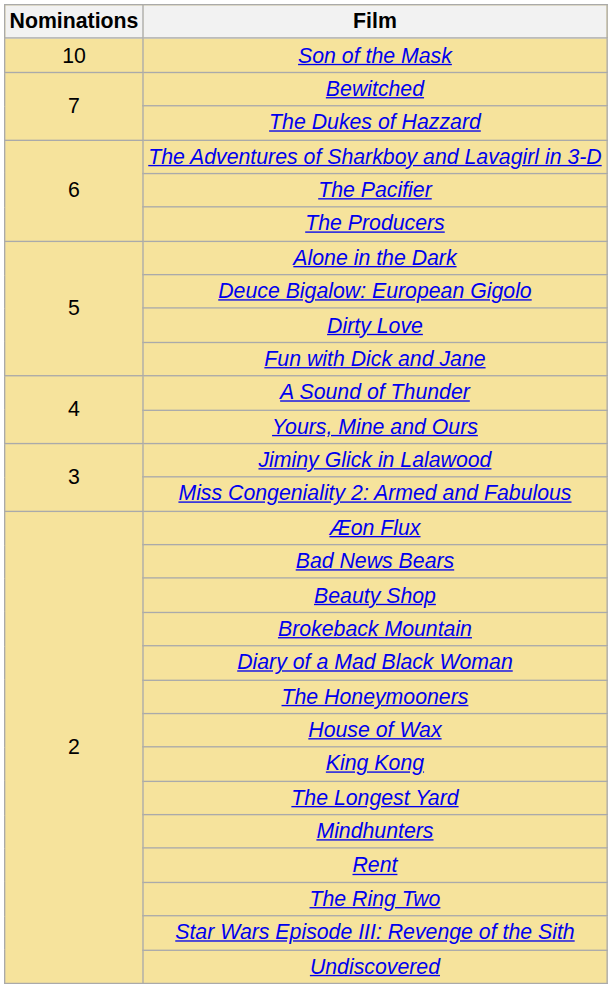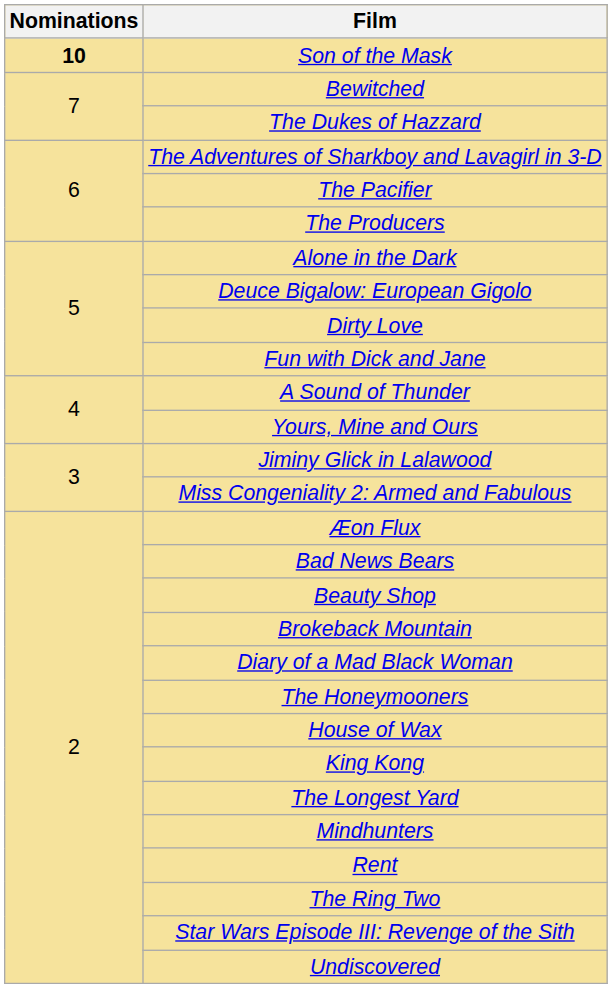 <table class="wikitable sortable" rowspan=2 border="2" cellpadding="4" style="text-align: center; background: #f6e39c">
 <tr>
 <th scope="col" width="55">Nominations</th>
 <th scope="col" align="center">Film</th>
 </tr>
 <tr>
-<td>10</td>
+<td><strong>10</strong></td>
 <td><em><a href='#'>Son of the Mask</a></em></td>
 </tr>
 <tr>
 <td rowspan="2" style="text-align:center">7</td>
 <td><em><a href='#'>Bewitched</a></em></td>
 </tr>
 <tr>
 <td><em><a href='#'>The Dukes of Hazzard</a></em></td>
 </tr>
 <tr>
 <td rowspan="3" style="text-align:center">6</td>
 <td><em><a href='#'>The Adventures of Sharkboy and Lavagirl in 3-D</a></em></td>
 </tr>
 <tr>
 <td><em><a href='#'>The Pacifier</a></em></td>
 </tr>
 <tr>
 <td><em><a href='#'>The Producers</a></em></td>
 </tr>
 <tr>
 <td rowspan="4" style="text-align:center">5</td>
 <td><em><a href='#'>Alone in the Dark</a></em></td>
 </tr>
 <tr>
 <td><em><a href='#'>Deuce Bigalow: European Gigolo</a></em></td>
 </tr>
 <tr>
 <td><em><a href='#'>Dirty Love</a></em></td>
 </tr>
 <tr>
 <td><em><a href='#'>Fun with Dick and Jane</a></em></td>
 </tr>
 <tr>
 <td rowspan="2" style="text-align:center">4</td>
 <td><em><a href='#'>A Sound of Thunder</a></em></td>
 </tr>
 <tr>
 <td><em><a href='#'>Yours, Mine and Ours</a></em></td>
 </tr>
 <tr>
 <td rowspan="2" style="text-align:center">3</td>
 <td><em><a href='#'>Jiminy Glick in Lalawood</a></em></td>
 </tr>
 <tr>
 <td><em><a href='#'>Miss Congeniality 2: Armed and Fabulous</a></em></td>
 </tr>
 <tr>
 <td rowspan="14" style="text-align:center">2</td>
 <td><em><a href='#'>Æon Flux</a></em></td>
 </tr>
 <tr>
 <td><em><a href='#'>Bad News Bears</a></em></td>
 </tr>
 <tr>
 <td><em><a href='#'>Beauty Shop</a></em></td>
 </tr>
 <tr>
 <td><em><a href='#'>Brokeback Mountain</a></em></td>
 </tr>
 <tr>
 <td><em><a href='#'>Diary of a Mad Black Woman</a></em></td>
 </tr>
 <tr>
 <td><em><a href='#'>The Honeymooners</a></em></td>
 </tr>
 <tr>
 <td><em><a href='#'>House of Wax</a></em></td>
 </tr>
 <tr>
 <td><em><a href='#'>King Kong</a></em></td>
 </tr>
 <tr>
 <td><em><a href='#'>The Longest Yard</a></em></td>
 </tr>
 <tr>
 <td><em><a href='#'>Mindhunters</a></em></td>
 </tr>
 <tr>
 <td><em><a href='#'>Rent</a></em></td>
 </tr>
 <tr>
 <td><em><a href='#'>The Ring Two</a></em></td>
 </tr>
 <tr>
 <td><em><a href='#'>Star Wars Episode III: Revenge of the Sith</a></em></td>
 </tr>
 <tr>
 <td><em><a href='#'>Undiscovered</a></em></td>
 </tr>
 <tr>
 </tr>
 </table>
